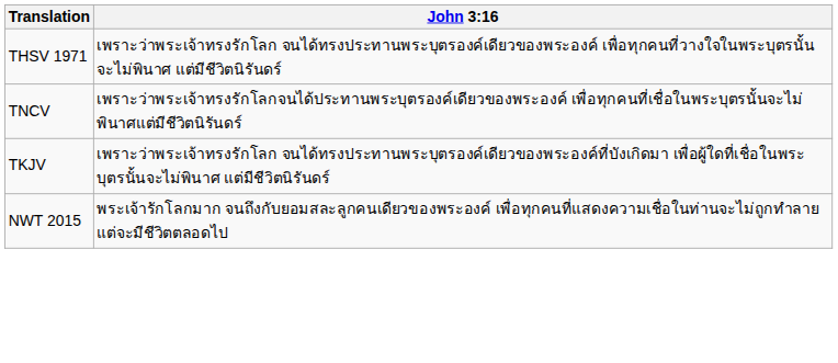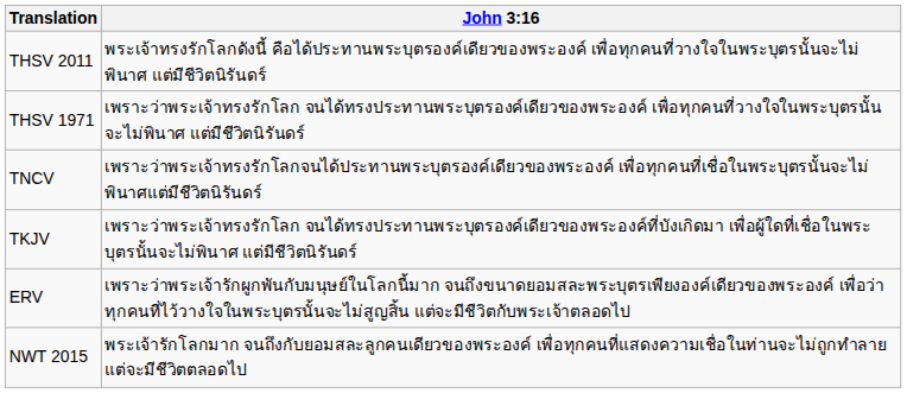 <table class="wikitable">
 <tr>
 <th>Translation</th>
 <th><a href='#'>John</a> 3:16</th>
+</tr>
+<tr>
+<td>THSV 2011</td>
+<td>พระ‍เจ้าทรงรักโลกดัง‍นี้ คือได้ประ‌ทานพระ‍บุตรองค์เดียวของพระ‍องค์ เพื่อทุก‍คนที่วาง‍ใจในพระ‍บุตรนั้นจะไม่พินาศ แต่มีชีวิตนิ‌รันดร์</td>
 </tr>
 <tr>
 <td>THSV 1971</td>
 <td>เพราะ‍ว่าพระ‍เจ้าทรง‍รักโลก จนได้ทรงประ‌ทานพระ‍บุตรองค์เดียวของพระ‍องค์ เพื่อทุก‍คนที่วาง‍ใจในพระ‍บุตรนั้นจะไม่พินาศ แต่มีชีวิตนิรันดร์</td>
 </tr>
 <tr>
 <td>TNCV</td>
 <td>เพราะว่าพระเจ้าทรงรักโลกจนได้ประทานพระบุตรองค์เดียวของพระองค์ เพื่อทุกคนที่เชื่อในพระบุตรนั้นจะไม่พินาศแต่มีชีวิตนิรันดร์</td>
 </tr>
 <tr>
 <td>TKJV</td>
 <td>เพราะว่าพระเจ้าทรงรักโลก จนได้ทรงประทานพระบุตรองค์เดียวของพระองค์ที่บังเกิดมา เพื่อผู้ใดที่เชื่อในพระบุตรนั้นจะไม่พินาศ แต่มีชีวิตนิรันดร์</td>
 </tr>
 <tr>
+<td>ERV</td>
+<td>เพราะว่าพระเจ้ารักผูกพันกับมนุษย์ในโลกนี้มาก จนถึงขนาดยอมสละพระบุตรเพียงองค์เดียวของพระองค์ เพื่อว่าทุกคนที่ไว้วางใจในพระบุตรนั้นจะไม่สูญสิ้น แต่จะมีชีวิตกับพระเจ้าตลอดไป</td>
+</tr>
+<tr>
 <td>NWT 2015</td>
 <td>พระเจ้ารักโลกมาก จนถึงกับยอมสละลูกคนเดียวของพระองค์ เพื่อทุกคนที่แสดงความเชื่อในท่านจะไม่ถูกทำลาย แต่จะมีชีวิตตลอดไป</td>
 </tr>
 </table>
